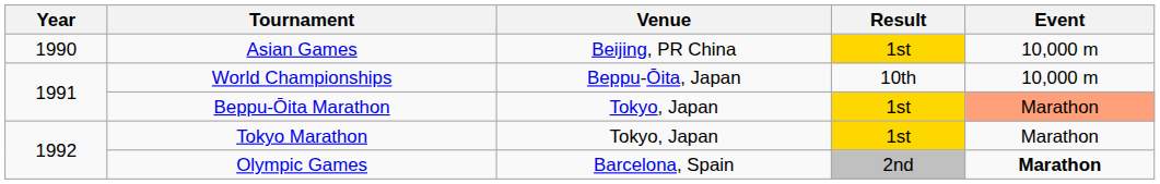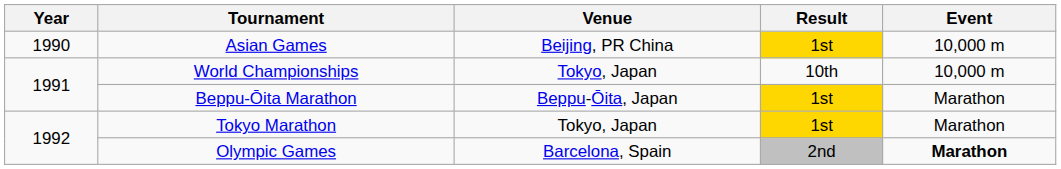 <table class="wikitable" style=" text-align:center; font-size:95%;" width="75%">
 <tr>
 <th>Year</th>
 <th>Tournament</th>
 <th>Venue</th>
 <th>Result</th>
 <th>Event</th>
 </tr>
 <tr>
 <td>1990</td>
 <td><a href='#'>Asian Games</a></td>
 <td><a href='#'>Beijing</a>, PR China</td>
 <td bgcolor="gold" align="center">1st</td>
 <td>10,000 m</td>
 </tr>
 <tr>
 <td rowspan=2>1991</td>
 <td><a href='#'>World Championships</a></td>
-<td><a href='#'>Beppu</a>-<a href='#'>Ōita</a>, Japan</td>
+<td><a href='#'>Tokyo</a>, Japan</td>
 <td align="center">10th</td>
 <td>10,000 m</td>
 </tr>
 <tr>
 <td><a href='#'>Beppu-Ōita Marathon</a></td>
-<td><a href='#'>Tokyo</a>, Japan</td>
+<td><a href='#'>Beppu</a>-<a href='#'>Ōita</a>, Japan</td>
 <td bgcolor="gold">1st</td>
-<td style="background: lightsalmon;">Marathon</td>
+<td>Marathon</td>
 </tr>
 <tr>
 <td rowspan=2>1992</td>
 <td><a href='#'>Tokyo Marathon</a></td>
 <td>Tokyo, Japan</td>
 <td bgcolor="gold">1st</td>
 <td>Marathon</td>
 </tr>
 <tr>
 <td><a href='#'>Olympic Games</a></td>
 <td><a href='#'>Barcelona</a>, Spain</td>
 <td bgcolor="silver" align="center">2nd</td>
 <td><strong>Marathon</strong></td>
 </tr>
 </table>
